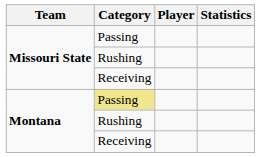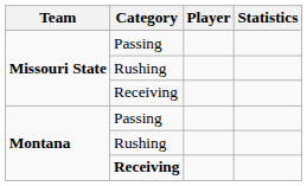 <table class="wikitable" style="float: right;">
 <tr>
 <th>Team</th>
 <th>Category</th>
 <th>Player</th>
 <th>Statistics</th>
 </tr>
 <tr>
 <td rowspan=3><strong>Missouri State</strong></td>
 <td>Passing</td>
 <td></td>
 <td></td>
 </tr>
 <tr>
 <td>Rushing</td>
 <td></td>
 <td></td>
 </tr>
 <tr>
 <td>Receiving</td>
 <td></td>
 <td></td>
 </tr>
 <tr>
 <td rowspan=3><strong>Montana</strong></td>
-<td style="background: khaki;">Passing</td>
+<td>Passing</td>
 <td></td>
 <td></td>
 </tr>
 <tr>
 <td>Rushing</td>
 <td></td>
 <td></td>
 </tr>
 <tr>
-<td>Receiving</td>
+<td><strong>Receiving</strong></td>
 <td></td>
 <td></td>
 </tr>
 </table>
